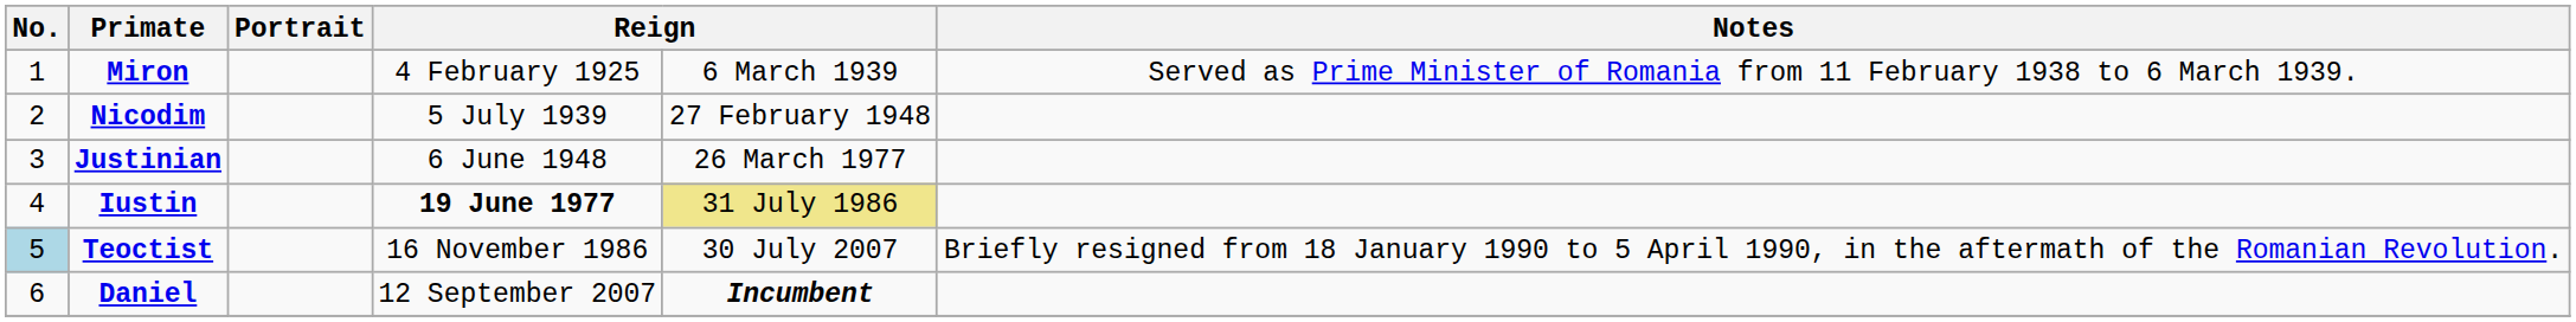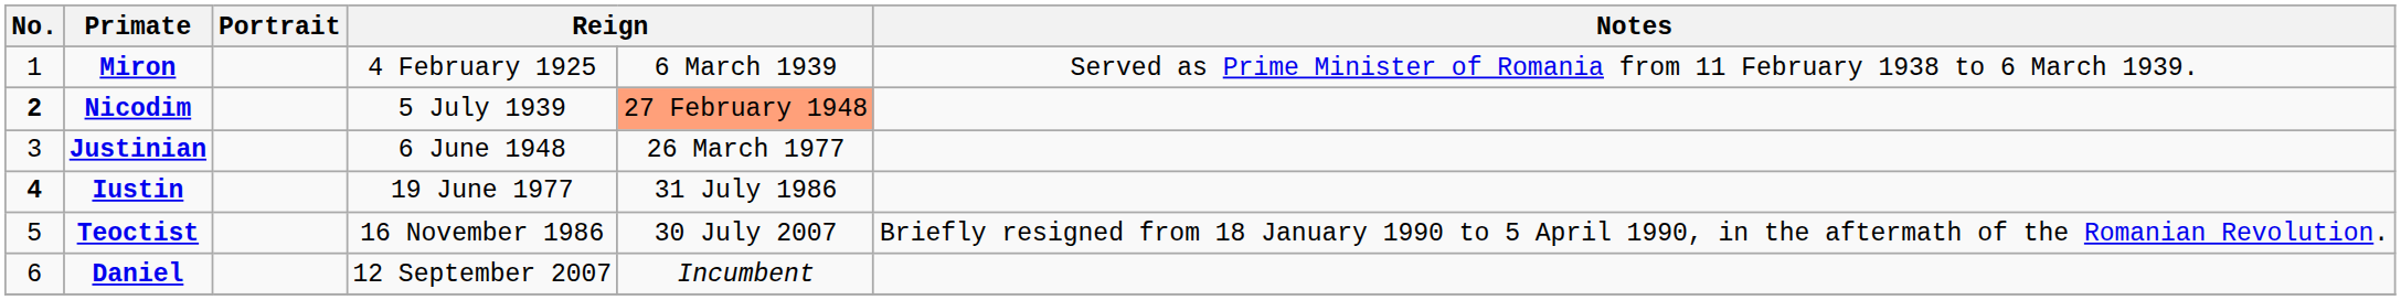 <table class="wikitable" style="text-align:center;">
 <tr>
 <th>No.</th>
 <th>Primate</th>
 <th>Portrait</th>
 <th colspan="2">Reign</th>
 <th>Notes</th>
 </tr>
 <tr>
 <td>1</td>
 <td><strong><a href='#'>Miron</a></strong></td>
 <td></td>
 <td>4 February 1925</td>
 <td>6 March 1939</td>
 <td>Served as <a href='#'>Prime Minister of Romania</a> from 11 February 1938 to 6 March 1939.</td>
 </tr>
 <tr>
-<td>2</td>
+<td><strong>2</strong></td>
 <td><strong><a href='#'>Nicodim</a></strong></td>
 <td></td>
 <td>5 July 1939</td>
-<td>27 February 1948</td>
+<td style="background: lightsalmon;">27 February 1948</td>
 <td></td>
 </tr>
 <tr>
 <td>3</td>
 <td><strong><a href='#'>Justinian</a></strong></td>
 <td></td>
 <td>6 June 1948</td>
 <td>26 March 1977</td>
 <td></td>
 </tr>
 <tr>
-<td>4</td>
+<td><strong>4</strong></td>
 <td><strong><a href='#'>Iustin</a></strong></td>
 <td></td>
-<td><strong>19 June 1977</strong></td>
-<td style="background: khaki;">31 July 1986</td>
+<td>19 June 1977</td>
+<td>31 July 1986</td>
 <td></td>
 </tr>
 <tr>
-<td style="background: lightblue;">5</td>
+<td>5</td>
 <td><strong><a href='#'>Teoctist</a></strong></td>
 <td></td>
 <td>16 November 1986</td>
 <td>30 July 2007</td>
 <td>Briefly resigned from 18 January 1990 to 5 April 1990, in the aftermath of the <a href='#'>Romanian Revolution</a>.</td>
 </tr>
 <tr>
 <td>6</td>
 <td><strong><a href='#'>Daniel</a></strong></td>
 <td></td>
 <td>12 September 2007</td>
-<td><strong><em>Incumbent</em></strong></td>
+<td><em>Incumbent</em></td>
 <td></td>
 </tr>
 <tr>
 </tr>
 </table>
